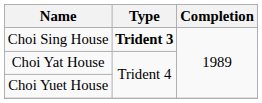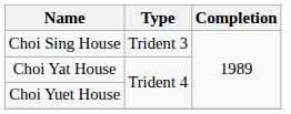 <table class="wikitable" style="text-align: center">
 <tr>
 <th>Name</th>
 <th>Type</th>
 <th>Completion</th>
 </tr>
 <tr>
 <td>Choi Sing House</td>
-<td rowspan="1"><strong>Trident 3</strong></td>
+<td rowspan="1">Trident 3</td>
 <td rowspan="3">1989</td>
 </tr>
 <tr>
 <td>Choi Yat House</td>
 <td rowspan="2">Trident 4</td>
 </tr>
 <tr>
 <td>Choi Yuet House</td>
 </tr>
 <tr>
 </tr>
 </table>
